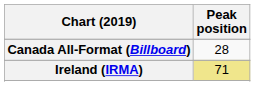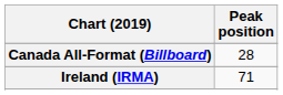 <table class="wikitable sortable plainrowheaders" style="text-align:center">
 <tr>
 <th scope="col">Chart (2019)</th>
 <th scope="col">Peak<br>position</th>
 </tr>
 <tr>
 </tr>
 <tr>
 </tr>
 <tr>
 <th scope="row">Canada All-Format (<em><a href='#'>Billboard</a></em>)</th>
 <td>28</td>
 </tr>
 <tr>
 </tr>
 <tr>
 </tr>
 <tr>
 <th scope="row">Ireland (<a href='#'>IRMA</a>)</th>
-<td style="background: khaki;">71</td>
+<td>71</td>
 </tr>
 <tr>
 </tr>
 <tr>
 </tr>
 <tr>
 </tr>
 <tr>
 </tr>
 <tr>
 </tr>
 </table>
